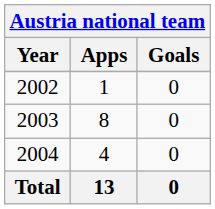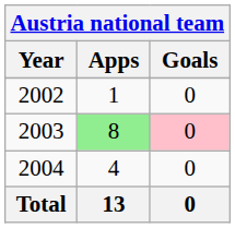 <table class="wikitable" style="text-align:center">
 <tr>
 <th colspan=3><a href='#'>Austria national team</a></th>
 </tr>
 <tr>
 <th>Year</th>
 <th>Apps</th>
 <th>Goals</th>
 </tr>
 <tr>
 </tr>
 <tr>
 <td>2002</td>
 <td>1</td>
 <td>0</td>
 </tr>
 <tr>
 <td>2003</td>
-<td>8</td>
-<td>0</td>
+<td style="background: lightgreen;">8</td>
+<td style="background: pink;">0</td>
 </tr>
 <tr>
 <td>2004</td>
 <td>4</td>
 <td>0</td>
 </tr>
 <tr>
 <th>Total</th>
 <th>13</th>
 <th>0</th>
 </tr>
 </table>
